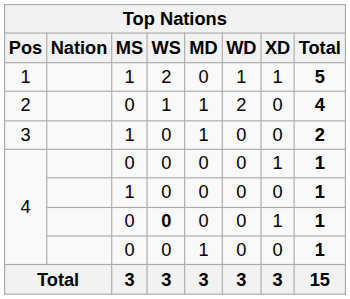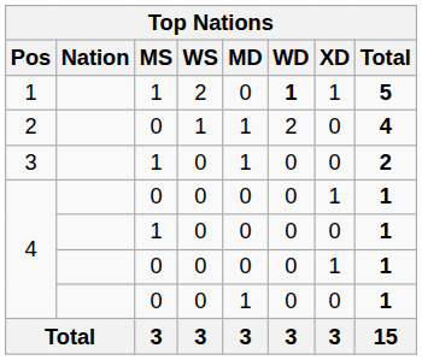 <table class="wikitable" style="text-align:center">
 <tr>
 <th colspan="10">Top Nations</th>
 </tr>
 <tr>
 <th>Pos</th>
 <th>Nation</th>
 <th>MS</th>
 <th>WS</th>
 <th>MD</th>
 <th>WD</th>
 <th>XD</th>
 <th>Total</th>
 </tr>
 <tr>
 <td>1</td>
 <td align="left"></td>
 <td>1</td>
 <td>2</td>
 <td>0</td>
-<td>1</td>
+<td><strong>1</strong></td>
 <td>1</td>
 <td><strong>5</strong></td>
 </tr>
 <tr>
 <td>2</td>
 <td align="left"></td>
 <td>0</td>
 <td>1</td>
 <td>1</td>
 <td>2</td>
 <td>0</td>
 <td><strong>4</strong></td>
 </tr>
 <tr>
 <td>3</td>
 <td align="left"></td>
 <td>1</td>
 <td>0</td>
 <td>1</td>
 <td>0</td>
 <td>0</td>
 <td><strong>2</strong></td>
 </tr>
 <tr>
 <td rowspan=4>4</td>
 <td align="left"></td>
 <td>0</td>
 <td>0</td>
 <td>0</td>
 <td>0</td>
 <td>1</td>
 <td><strong>1</strong></td>
 </tr>
 <tr>
 <td align="left"></td>
 <td>1</td>
 <td>0</td>
 <td>0</td>
 <td>0</td>
 <td>0</td>
 <td><strong>1</strong></td>
 </tr>
 <tr>
 <td align="left"></td>
 <td>0</td>
-<td><strong>0</strong></td>
+<td>0</td>
 <td>0</td>
 <td>0</td>
 <td>1</td>
 <td><strong>1</strong></td>
 </tr>
 <tr>
 <td align="left"></td>
 <td>0</td>
 <td>0</td>
 <td>1</td>
 <td>0</td>
 <td>0</td>
 <td><strong>1</strong></td>
 </tr>
 <tr>
 <th colspan="2">Total</th>
 <th>3</th>
 <th>3</th>
 <th>3</th>
 <th>3</th>
 <th>3</th>
 <th>15</th>
 </tr>
 </table>
